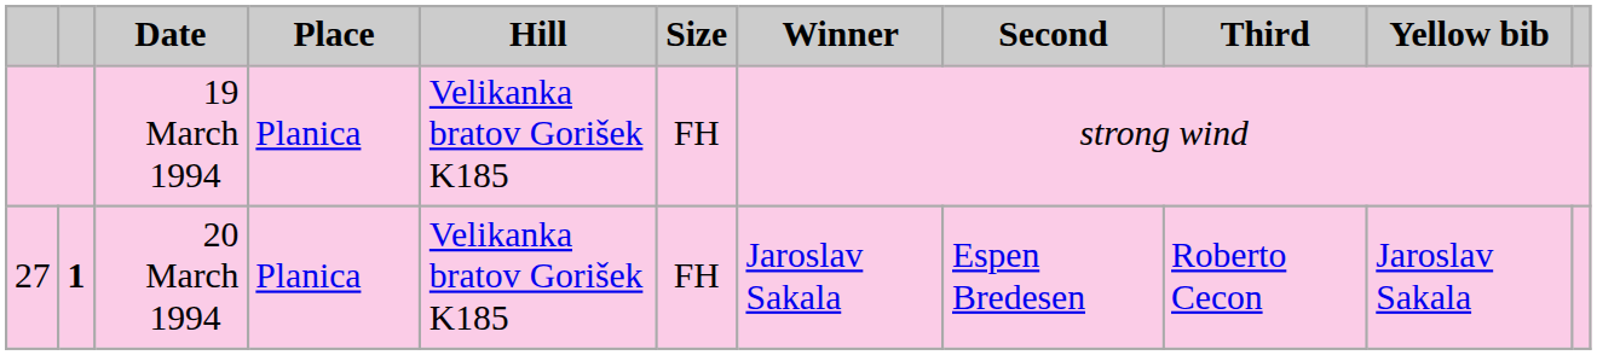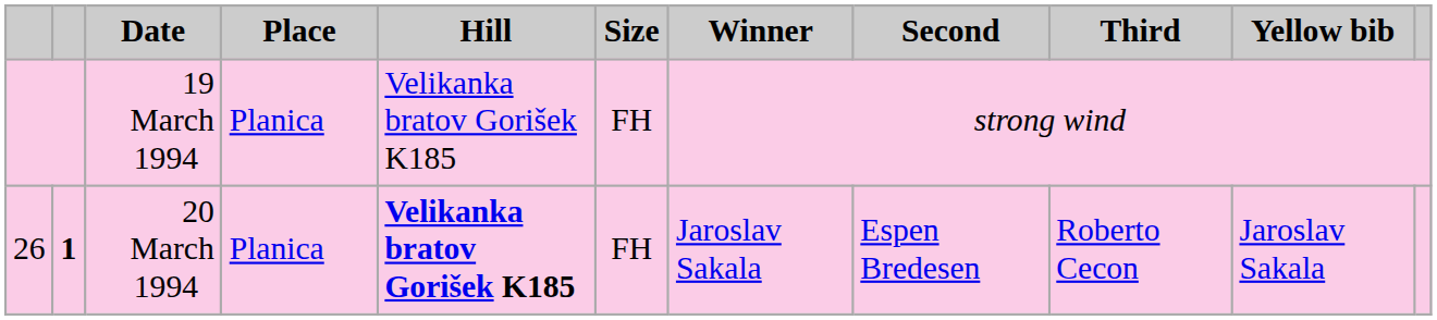 <table class="wikitable plainrowheaders" style="background:#fff; font-size:86%; line-height:16px; border:gray solid 1px; border-collapse:collapse;">
 <tr style="background:#ccc; text-align:center;">
 <th scope="col" style="background:#ccc; width=10 px;"></th>
 <th scope="col" style="background:#ccc; width=10 px;"></th>
 <th scope="col" style="background:#ccc; width:120px;">Date</th>
 <th scope="col" style="background:#ccc; width:140px;">Place</th>
 <th scope="col" style="background:#ccc; width:200px;">Hill</th>
 <th scope="col" style="background:#ccc; width:30px;">Size</th>
 <th scope="col" style="background:#ccc; width:185px;">Winner</th>
 <th scope="col" style="background:#ccc; width:185px;">Second</th>
 <th scope="col" style="background:#ccc; width:185px;">Third</th>
 <th scope="col" style="background:#ccc; width:180px;">Yellow bib</th>
 <th scope="col" style="background:#ccc; width:5px;"></th>
 </tr>
 <tr bgcolor=#FBCCE7>
 <td colspan=2></td>
 <td align=right>19 March 1994  </td>
 <td> <a href='#'>Planica</a></td>
 <td><a href='#'>Velikanka bratov Gorišek</a> K185</td>
 <td align=center>FH</td>
 <td colspan=5 align=center><em>strong wind</em></td>
 </tr>
 <tr bgcolor=#FBCCE7>
-<td align=center>27</td>
+<td align=center>26</td>
 <td align=center><strong>1</strong></td>
 <td align=right>20 March 1994  </td>
 <td> <a href='#'>Planica</a></td>
-<td><a href='#'>Velikanka bratov Gorišek</a> K185</td>
+<td><strong><a href='#'>Velikanka bratov Gorišek</a> K185</strong></td>
 <td align=center>FH</td>
 <td> <a href='#'>Jaroslav Sakala</a></td>
 <td> <a href='#'>Espen Bredesen</a></td>
 <td> <a href='#'>Roberto Cecon</a></td>
 <td> <a href='#'>Jaroslav Sakala</a></td>
 <td></td>
 </tr>
 </table>
